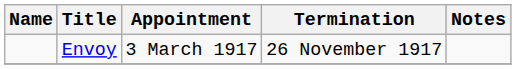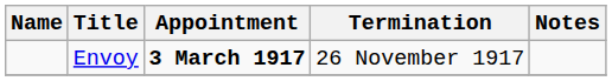 <table class="wikitable">
 <tr valign="middle">
 <th>Name</th>
 <th>Title</th>
 <th>Appointment</th>
 <th>Termination</th>
 <th>Notes</th>
 </tr>
 <tr>
 <td></td>
 <td><a href='#'>Envoy</a></td>
-<td>3 March 1917</td>
+<td><strong>3 March 1917</strong></td>
 <td>26 November 1917</td>
 <td></td>
 </tr>
 <tr>
 </tr>
 </table>
